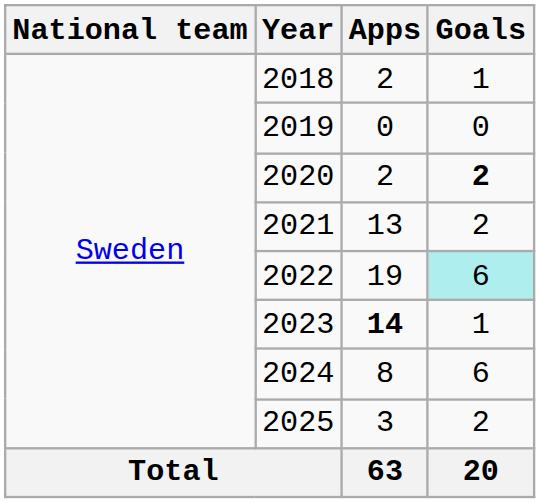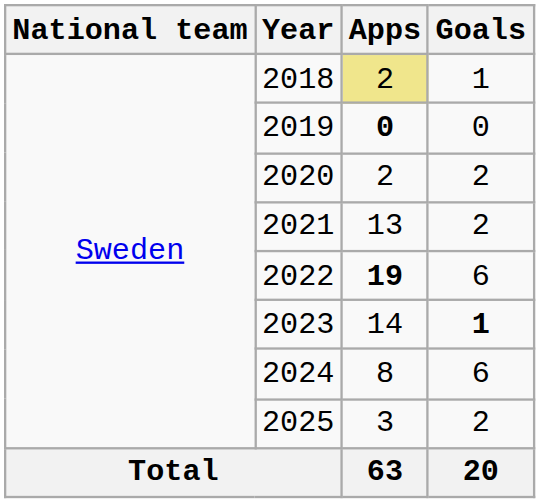 <table class="wikitable" style="text-align:center">
 <tr>
 <th>National team</th>
 <th>Year</th>
 <th>Apps</th>
 <th>Goals</th>
 </tr>
 <tr>
 <td rowspan="8"><a href='#'>Sweden</a></td>
 <td>2018</td>
-<td>2</td>
+<td style="background: khaki;">2</td>
 <td>1</td>
 </tr>
 <tr>
 <td>2019</td>
-<td>0</td>
+<td><strong>0</strong></td>
 <td>0</td>
 </tr>
 <tr>
 <td>2020</td>
 <td>2</td>
-<td><strong>2</strong></td>
+<td>2</td>
 </tr>
 <tr>
 <td>2021</td>
 <td>13</td>
 <td>2</td>
 </tr>
 <tr>
 <td>2022</td>
-<td>19</td>
-<td style="background: paleturquoise;">6</td>
+<td><strong>19</strong></td>
+<td>6</td>
 </tr>
 <tr>
 <td>2023</td>
-<td><strong>14</strong></td>
-<td>1</td>
+<td>14</td>
+<td><strong>1</strong></td>
 </tr>
 <tr>
 <td>2024</td>
 <td>8</td>
 <td>6</td>
 </tr>
 <tr>
 <td>2025</td>
 <td>3</td>
 <td>2</td>
 </tr>
 <tr>
 <th colspan="2">Total</th>
 <th>63</th>
 <th>20</th>
 </tr>
 </table>
